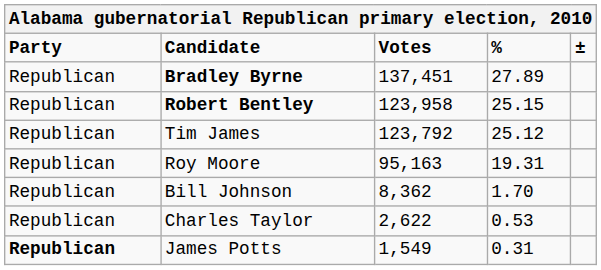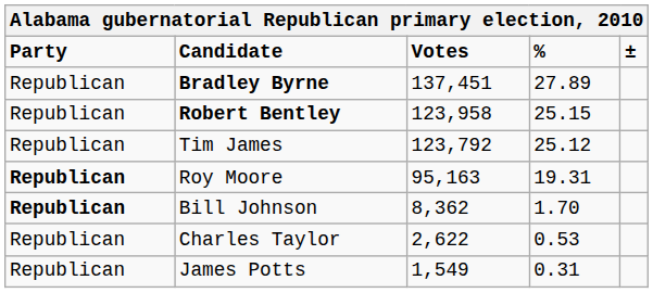 <table class="wikitable">
 <tr>
 <th colspan="5">Alabama gubernatorial Republican primary election, 2010</th>
 </tr>
 <tr>
 <td><strong>Party</strong></td>
 <td><strong>Candidate</strong></td>
 <td><strong>Votes</strong></td>
 <td><strong>%</strong></td>
 <td><strong>±</strong></td>
 </tr>
 <tr>
 <td>Republican</td>
 <td><strong>Bradley Byrne</strong></td>
 <td>137,451</td>
 <td>27.89</td>
 <td></td>
 </tr>
 <tr>
 <td>Republican</td>
 <td><strong>Robert Bentley</strong></td>
 <td>123,958</td>
 <td>25.15</td>
 <td></td>
 </tr>
 <tr>
 <td>Republican</td>
 <td>Tim James</td>
 <td>123,792</td>
 <td>25.12</td>
 <td></td>
 </tr>
 <tr>
-<td>Republican</td>
+<td><strong>Republican</strong></td>
 <td>Roy Moore</td>
 <td>95,163</td>
 <td>19.31</td>
 <td></td>
 </tr>
 <tr>
-<td>Republican</td>
+<td><strong>Republican</strong></td>
 <td>Bill Johnson</td>
 <td>8,362</td>
 <td>1.70</td>
 <td></td>
 </tr>
 <tr>
 <td>Republican</td>
 <td>Charles Taylor</td>
 <td>2,622</td>
 <td>0.53</td>
 <td></td>
 </tr>
 <tr>
-<td><strong>Republican</strong></td>
+<td>Republican</td>
 <td>James Potts</td>
 <td>1,549</td>
 <td>0.31</td>
 <td></td>
 </tr>
 </table>
